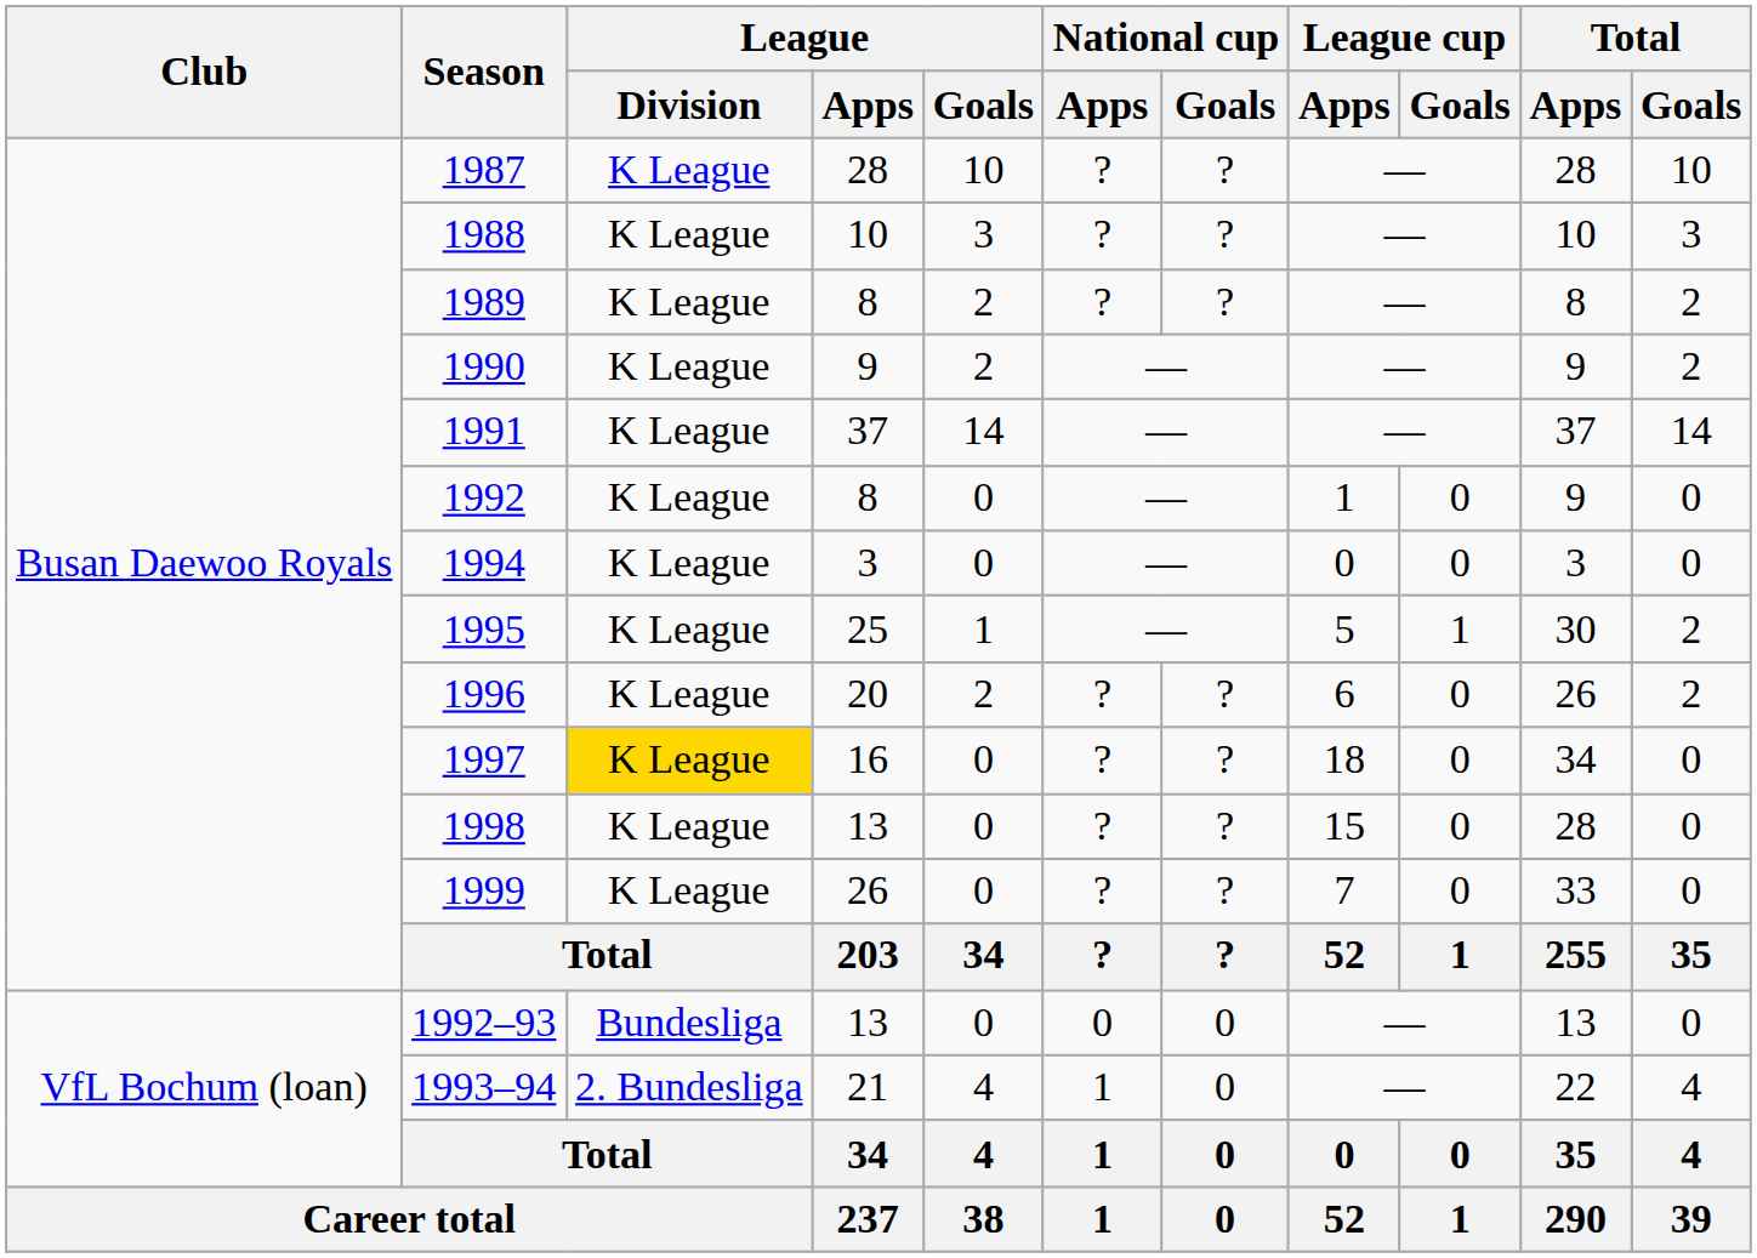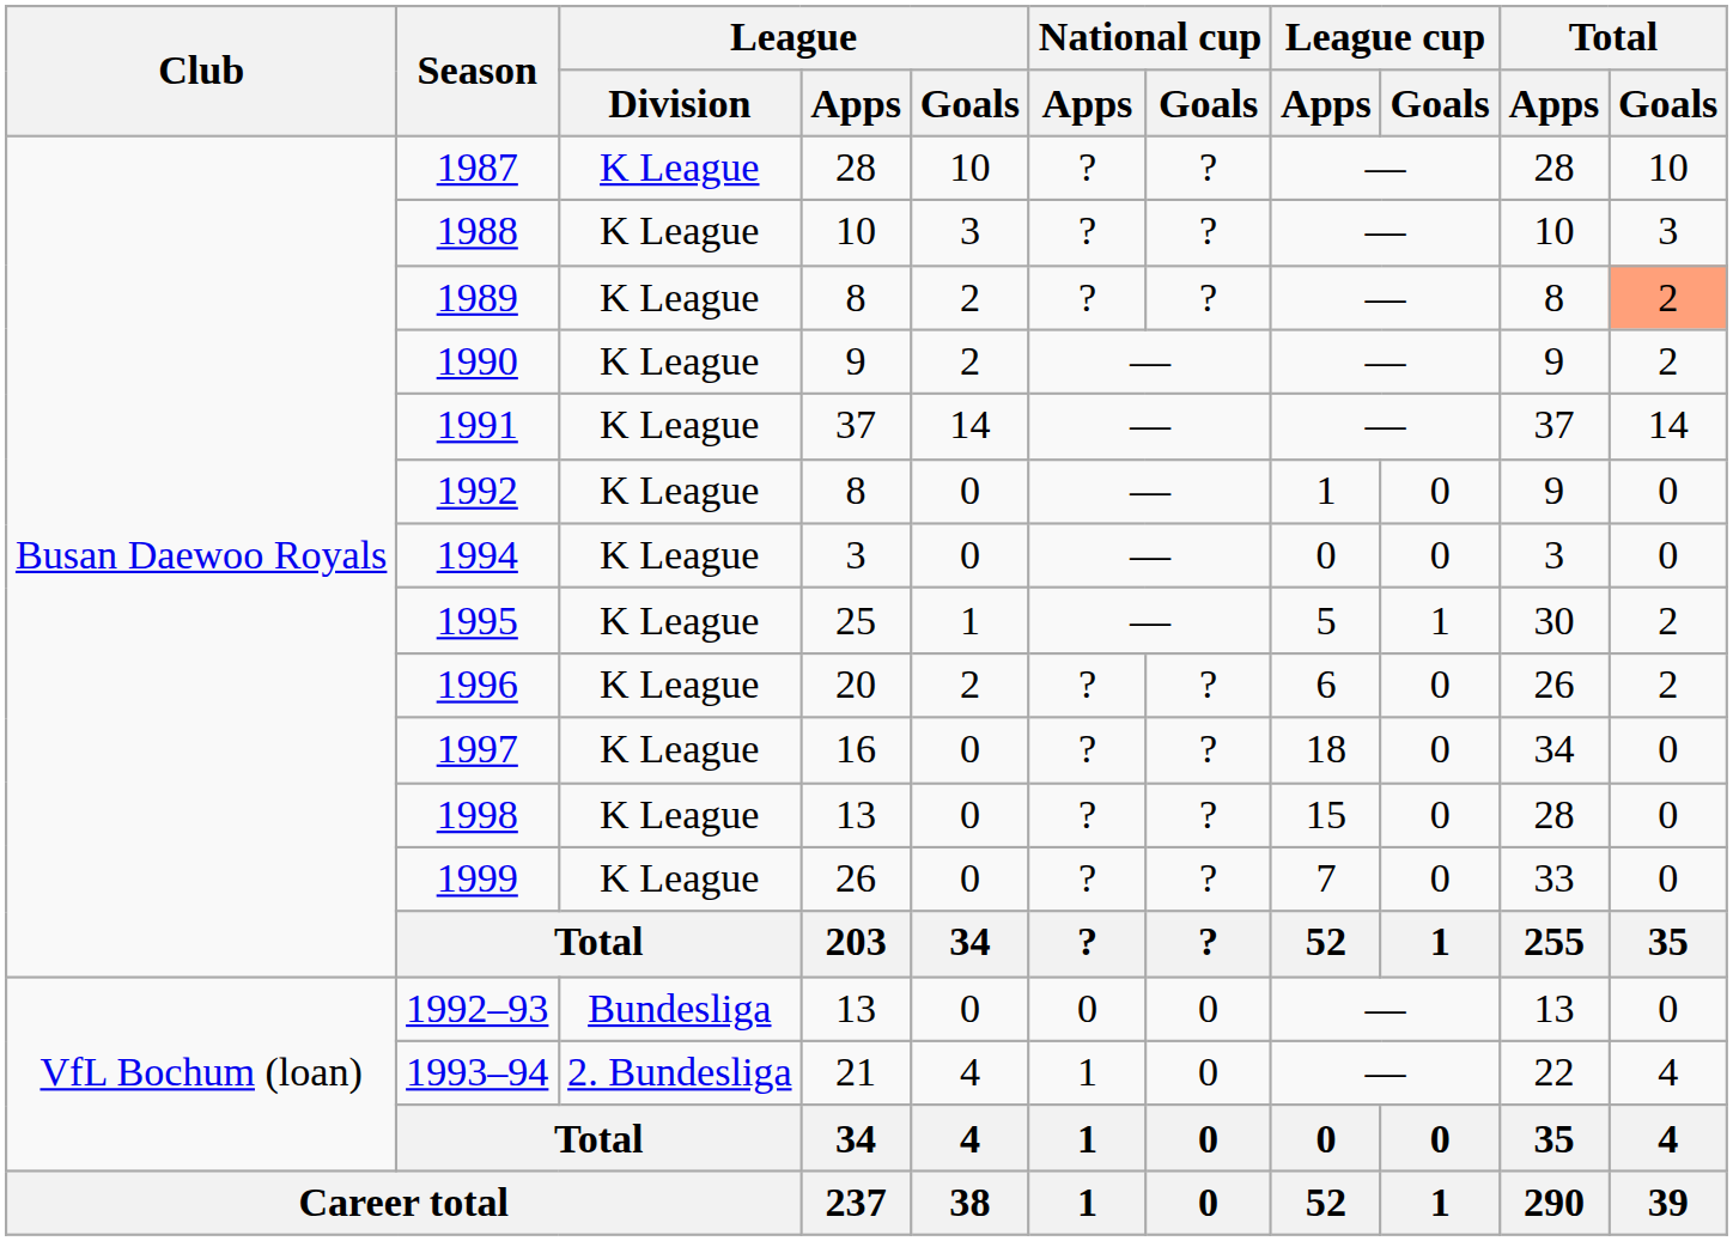 <table class="wikitable" style="text-align:center">
 <tr>
 <th rowspan=2>Club</th>
 <th rowspan=2>Season</th>
 <th colspan=3>League</th>
 <th colspan=2>National cup</th>
 <th colspan=2>League cup</th>
 <th colspan=2>Total</th>
 </tr>
 <tr>
 <th>Division</th>
 <th>Apps</th>
 <th>Goals</th>
 <th>Apps</th>
 <th>Goals</th>
 <th>Apps</th>
 <th>Goals</th>
 <th>Apps</th>
 <th>Goals</th>
 </tr>
 <tr>
 <td rowspan="13"><a href='#'>Busan Daewoo Royals</a></td>
 <td><a href='#'>1987</a></td>
 <td><a href='#'>K League</a></td>
 <td>28</td>
 <td>10</td>
 <td>?</td>
 <td>?</td>
 <td colspan="2">—</td>
 <td>28</td>
 <td>10</td>
 </tr>
 <tr>
 <td><a href='#'>1988</a></td>
 <td>K League</td>
 <td>10</td>
 <td>3</td>
 <td>?</td>
 <td>?</td>
 <td colspan="2">—</td>
 <td>10</td>
 <td>3</td>
 </tr>
 <tr>
 <td><a href='#'>1989</a></td>
 <td>K League</td>
 <td>8</td>
 <td>2</td>
 <td>?</td>
 <td>?</td>
 <td colspan="2">—</td>
 <td>8</td>
-<td>2</td>
+<td style="background: lightsalmon;">2</td>
 </tr>
 <tr>
 <td><a href='#'>1990</a></td>
 <td>K League</td>
 <td>9</td>
 <td>2</td>
 <td colspan="2">—</td>
 <td colspan="2">—</td>
 <td>9</td>
 <td>2</td>
 </tr>
 <tr>
 <td><a href='#'>1991</a></td>
 <td>K League</td>
 <td>37</td>
 <td>14</td>
 <td colspan="2">—</td>
 <td colspan="2">—</td>
 <td>37</td>
 <td>14</td>
 </tr>
 <tr>
 <td><a href='#'>1992</a></td>
 <td>K League</td>
 <td>8</td>
 <td>0</td>
 <td colspan="2">—</td>
 <td>1</td>
 <td>0</td>
 <td>9</td>
 <td>0</td>
 </tr>
 <tr>
 <td><a href='#'>1994</a></td>
 <td>K League</td>
 <td>3</td>
 <td>0</td>
 <td colspan="2">—</td>
 <td>0</td>
 <td>0</td>
 <td>3</td>
 <td>0</td>
 </tr>
 <tr>
 <td><a href='#'>1995</a></td>
 <td>K League</td>
 <td>25</td>
 <td>1</td>
 <td colspan="2">—</td>
 <td>5</td>
 <td>1</td>
 <td>30</td>
 <td>2</td>
 </tr>
 <tr>
 <td><a href='#'>1996</a></td>
 <td>K League</td>
 <td>20</td>
 <td>2</td>
 <td>?</td>
 <td>?</td>
 <td>6</td>
 <td>0</td>
 <td>26</td>
 <td>2</td>
 </tr>
 <tr>
 <td><a href='#'>1997</a></td>
-<td style="background: gold;">K League</td>
+<td>K League</td>
 <td>16</td>
 <td>0</td>
 <td>?</td>
 <td>?</td>
 <td>18</td>
 <td>0</td>
 <td>34</td>
 <td>0</td>
 </tr>
 <tr>
 <td><a href='#'>1998</a></td>
 <td>K League</td>
 <td>13</td>
 <td>0</td>
 <td>?</td>
 <td>?</td>
 <td>15</td>
 <td>0</td>
 <td>28</td>
 <td>0</td>
 </tr>
 <tr>
 <td><a href='#'>1999</a></td>
 <td>K League</td>
 <td>26</td>
 <td>0</td>
 <td>?</td>
 <td>?</td>
 <td>7</td>
 <td>0</td>
 <td>33</td>
 <td>0</td>
 </tr>
 <tr>
 <th colspan=2>Total</th>
 <th>203</th>
 <th>34</th>
 <th>?</th>
 <th>?</th>
 <th>52</th>
 <th>1</th>
 <th>255</th>
 <th>35</th>
 </tr>
 <tr>
 <td rowspan="3"><a href='#'>VfL Bochum</a> (loan)</td>
 <td><a href='#'>1992–93</a></td>
 <td><a href='#'>Bundesliga</a></td>
 <td>13</td>
 <td>0</td>
 <td>0</td>
 <td>0</td>
 <td colspan="2">—</td>
 <td>13</td>
 <td>0</td>
 </tr>
 <tr>
 <td><a href='#'>1993–94</a></td>
 <td><a href='#'>2. Bundesliga</a></td>
 <td>21</td>
 <td>4</td>
 <td>1</td>
 <td>0</td>
 <td colspan="2">—</td>
 <td>22</td>
 <td>4</td>
 </tr>
 <tr>
 <th colspan=2>Total</th>
 <th>34</th>
 <th>4</th>
 <th>1</th>
 <th>0</th>
 <th>0</th>
 <th>0</th>
 <th>35</th>
 <th>4</th>
 </tr>
 <tr>
 <th colspan=3>Career total</th>
 <th>237</th>
 <th>38</th>
 <th>1</th>
 <th>0</th>
 <th>52</th>
 <th>1</th>
 <th>290</th>
 <th>39</th>
 </tr>
 </table>
